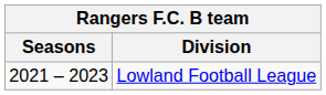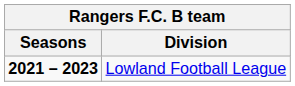 <table class="wikitable">
 <tr>
 <th colspan=3>Rangers F.C. B team</th>
 </tr>
 <tr>
 <th scope="col">Seasons</th>
 <th scope="col">Division</th>
 </tr>
 <tr>
-<td>2021 – 2023</td>
+<td><strong>2021 – 2023</strong></td>
 <td><a href='#'>Lowland Football League</a></td>
 </tr>
 </table>
